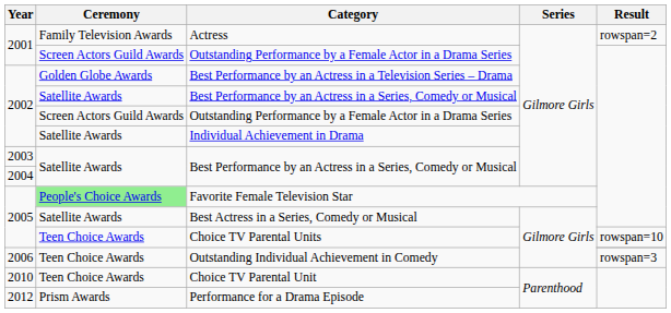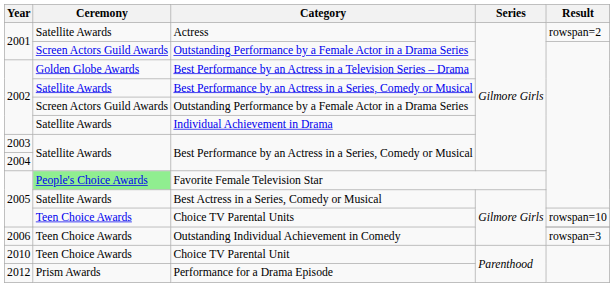 <table class="wikitable">
 <tr>
 <th>Year</th>
 <th>Ceremony</th>
 <th>Category</th>
 <th>Series</th>
 <th>Result</th>
 </tr>
 <tr>
 <td rowspan=2>2001</td>
-<td>Family Television Awards</td>
+<td>Satellite Awards</td>
 <td>Actress</td>
 <td rowspan=8><em>Gilmore Girls</em></td>
 <td>rowspan=2 </td>
 </tr>
 <tr>
 <td><a href='#'>Screen Actors Guild Awards</a></td>
 <td><a href='#'>Outstanding Performance by a Female Actor in a Drama Series</a></td>
 </tr>
 <tr>
 <td rowspan=4>2002</td>
 <td><a href='#'>Golden Globe Awards</a></td>
 <td><a href='#'>Best Performance by an Actress in a Television Series – Drama</a></td>
 </tr>
 <tr>
 <td><a href='#'>Satellite Awards</a></td>
 <td><a href='#'>Best Performance by an Actress in a Series, Comedy or Musical</a></td>
 </tr>
 <tr>
 <td>Screen Actors Guild Awards</td>
 <td>Outstanding Performance by a Female Actor in a Drama Series</td>
 </tr>
 <tr>
 <td>Satellite Awards</td>
 <td><a href='#'>Individual Achievement in Drama</a></td>
 </tr>
 <tr>
 <td>2003</td>
 <td rowspan=2>Satellite Awards</td>
 <td rowspan=2>Best Performance by an Actress in a Series, Comedy or Musical</td>
 </tr>
 <tr>
 <td>2004</td>
 </tr>
 <tr>
 <td rowspan=3>2005</td>
 <td style="background: lightgreen;"><a href='#'>People's Choice Awards</a></td>
 <td colspan=2>Favorite Female Television Star</td>
 </tr>
 <tr>
 <td>Satellite Awards</td>
 <td>Best Actress in a Series, Comedy or Musical</td>
 <td rowspan=4><em>Gilmore Girls</em></td>
 </tr>
 <tr>
 <td rowspan=2><a href='#'>Teen Choice Awards</a></td>
 <td rowspan=2>Choice TV Parental Units</td>
 <td>rowspan=10 </td>
 </tr>
 <tr>
 <td rowspan=2>2006</td>
 </tr>
 <tr>
 <td>Teen Choice Awards</td>
 <td>Outstanding Individual Achievement in Comedy</td>
 <td>rowspan=3 </td>
 </tr>
 <tr>
 <td>2010</td>
 <td>Teen Choice Awards</td>
 <td>Choice TV Parental Unit</td>
 <td rowspan=2><em>Parenthood</em></td>
 </tr>
 <tr>
 <td>2012</td>
 <td>Prism Awards</td>
 <td>Performance for a Drama Episode</td>
 </tr>
 </table>
